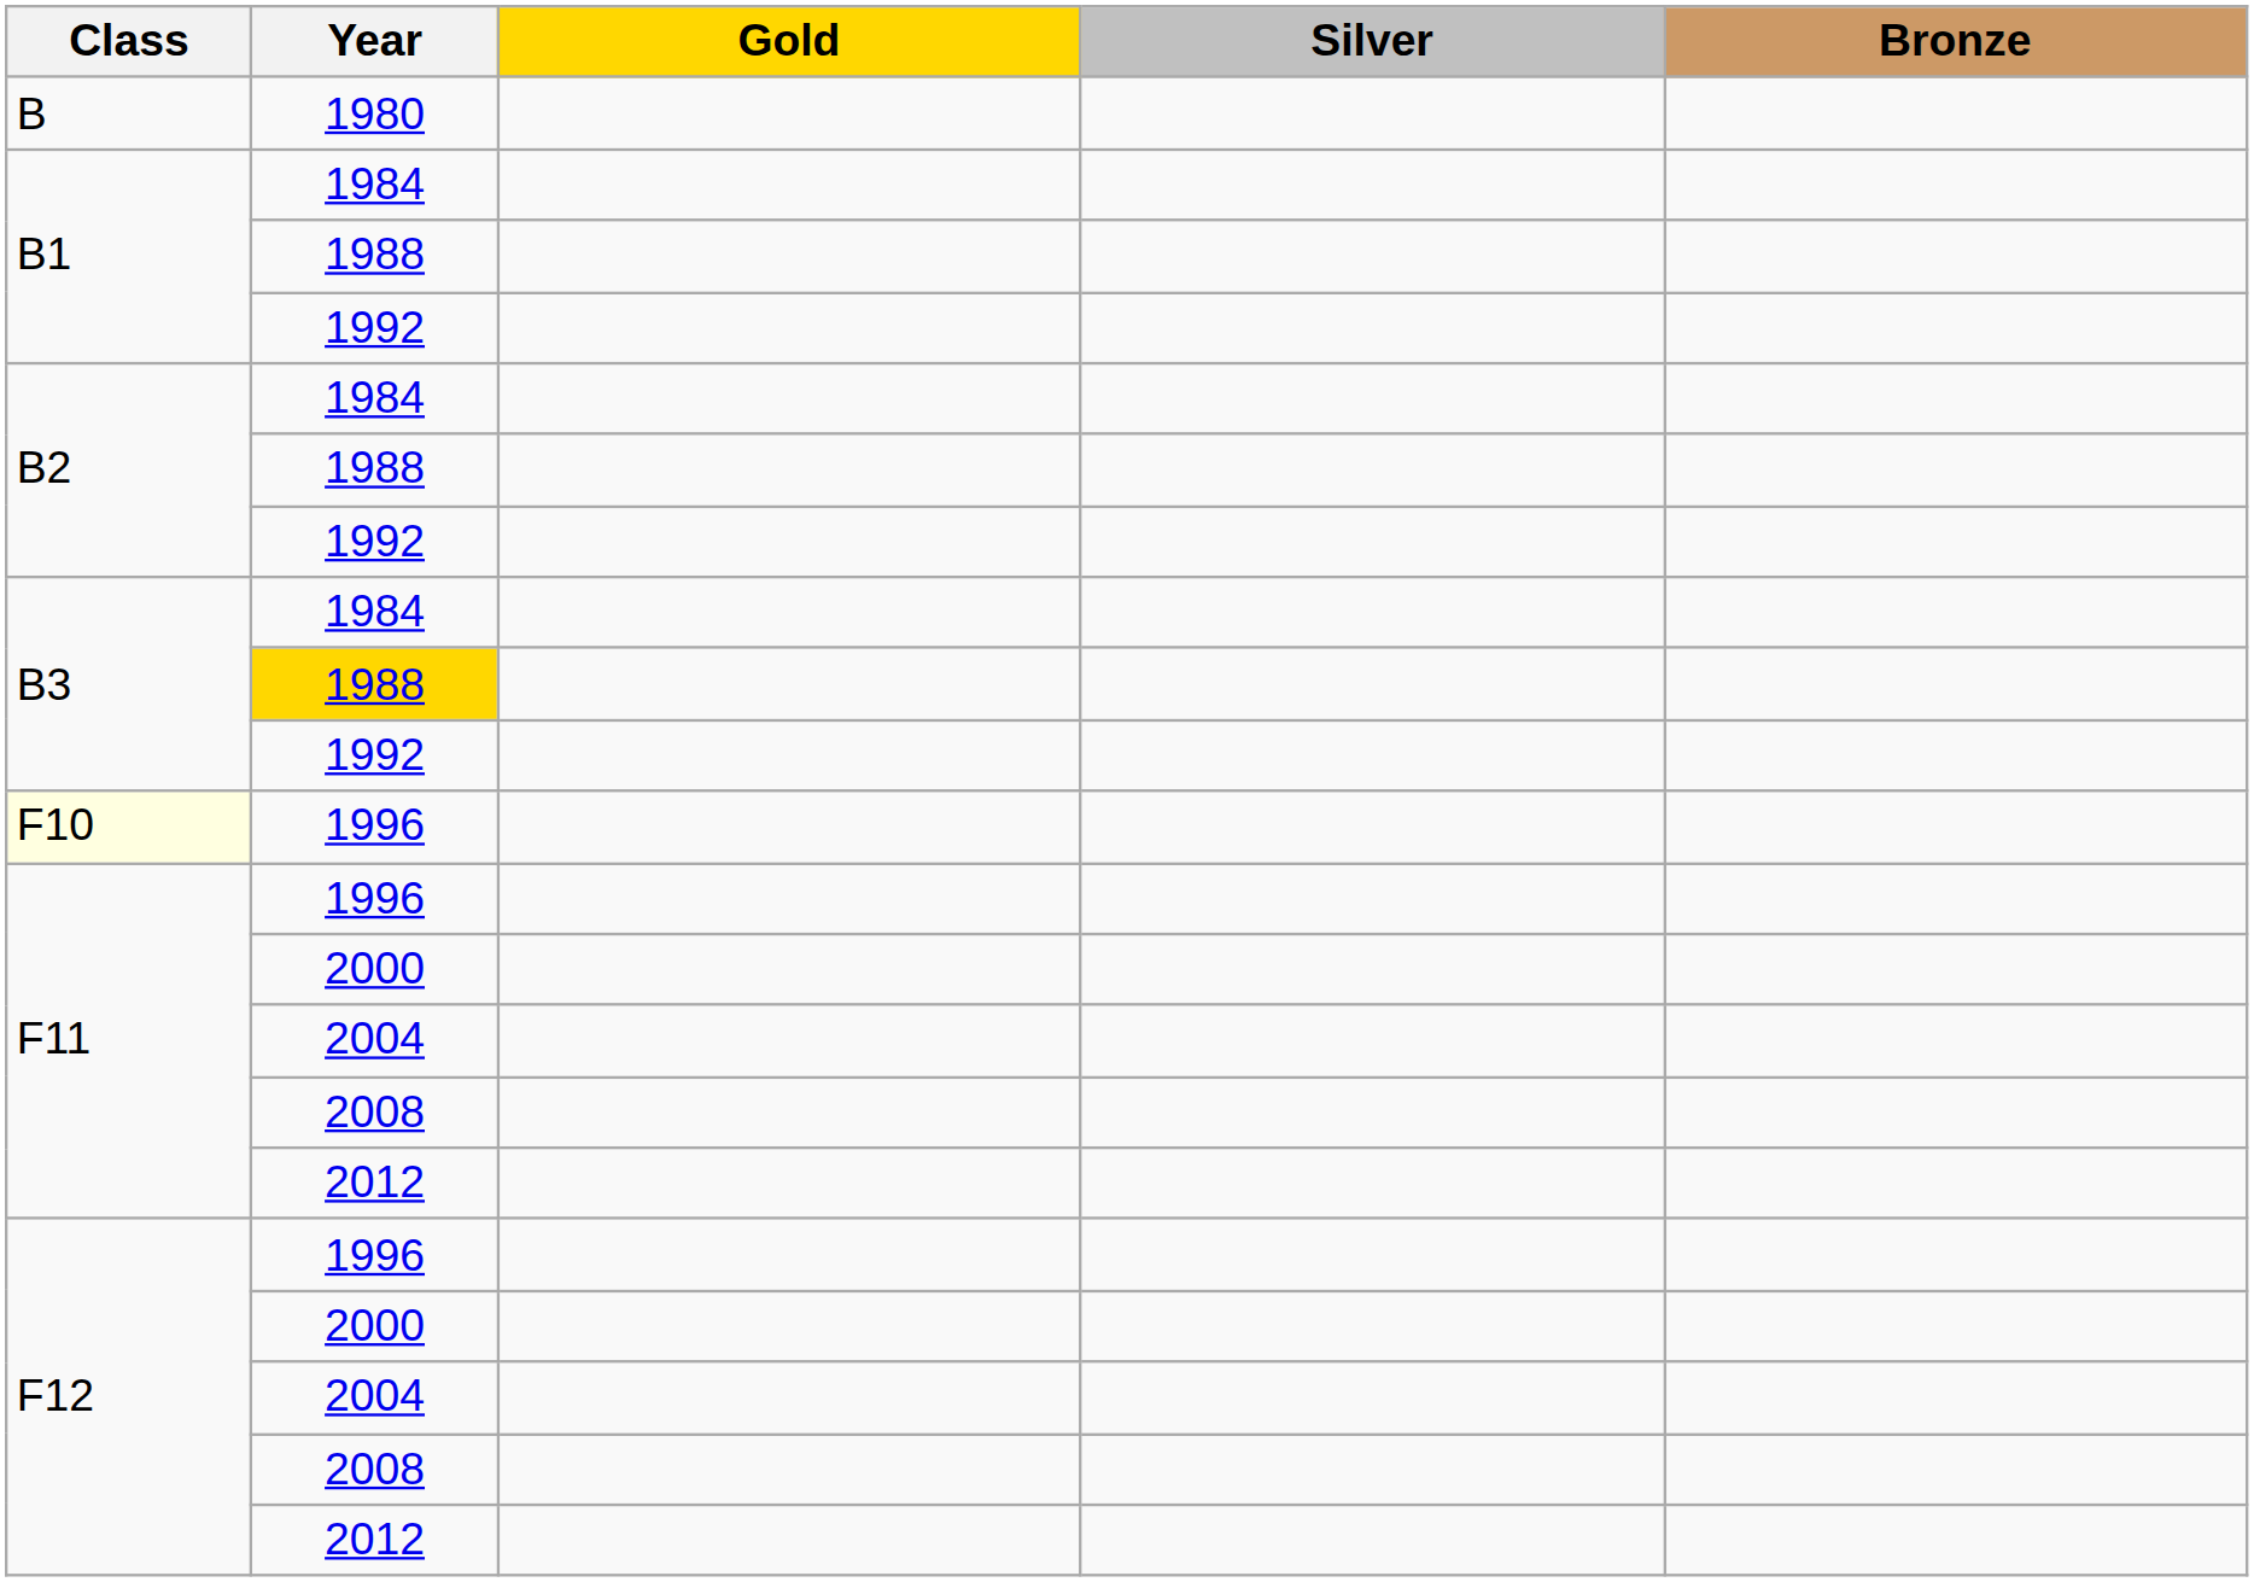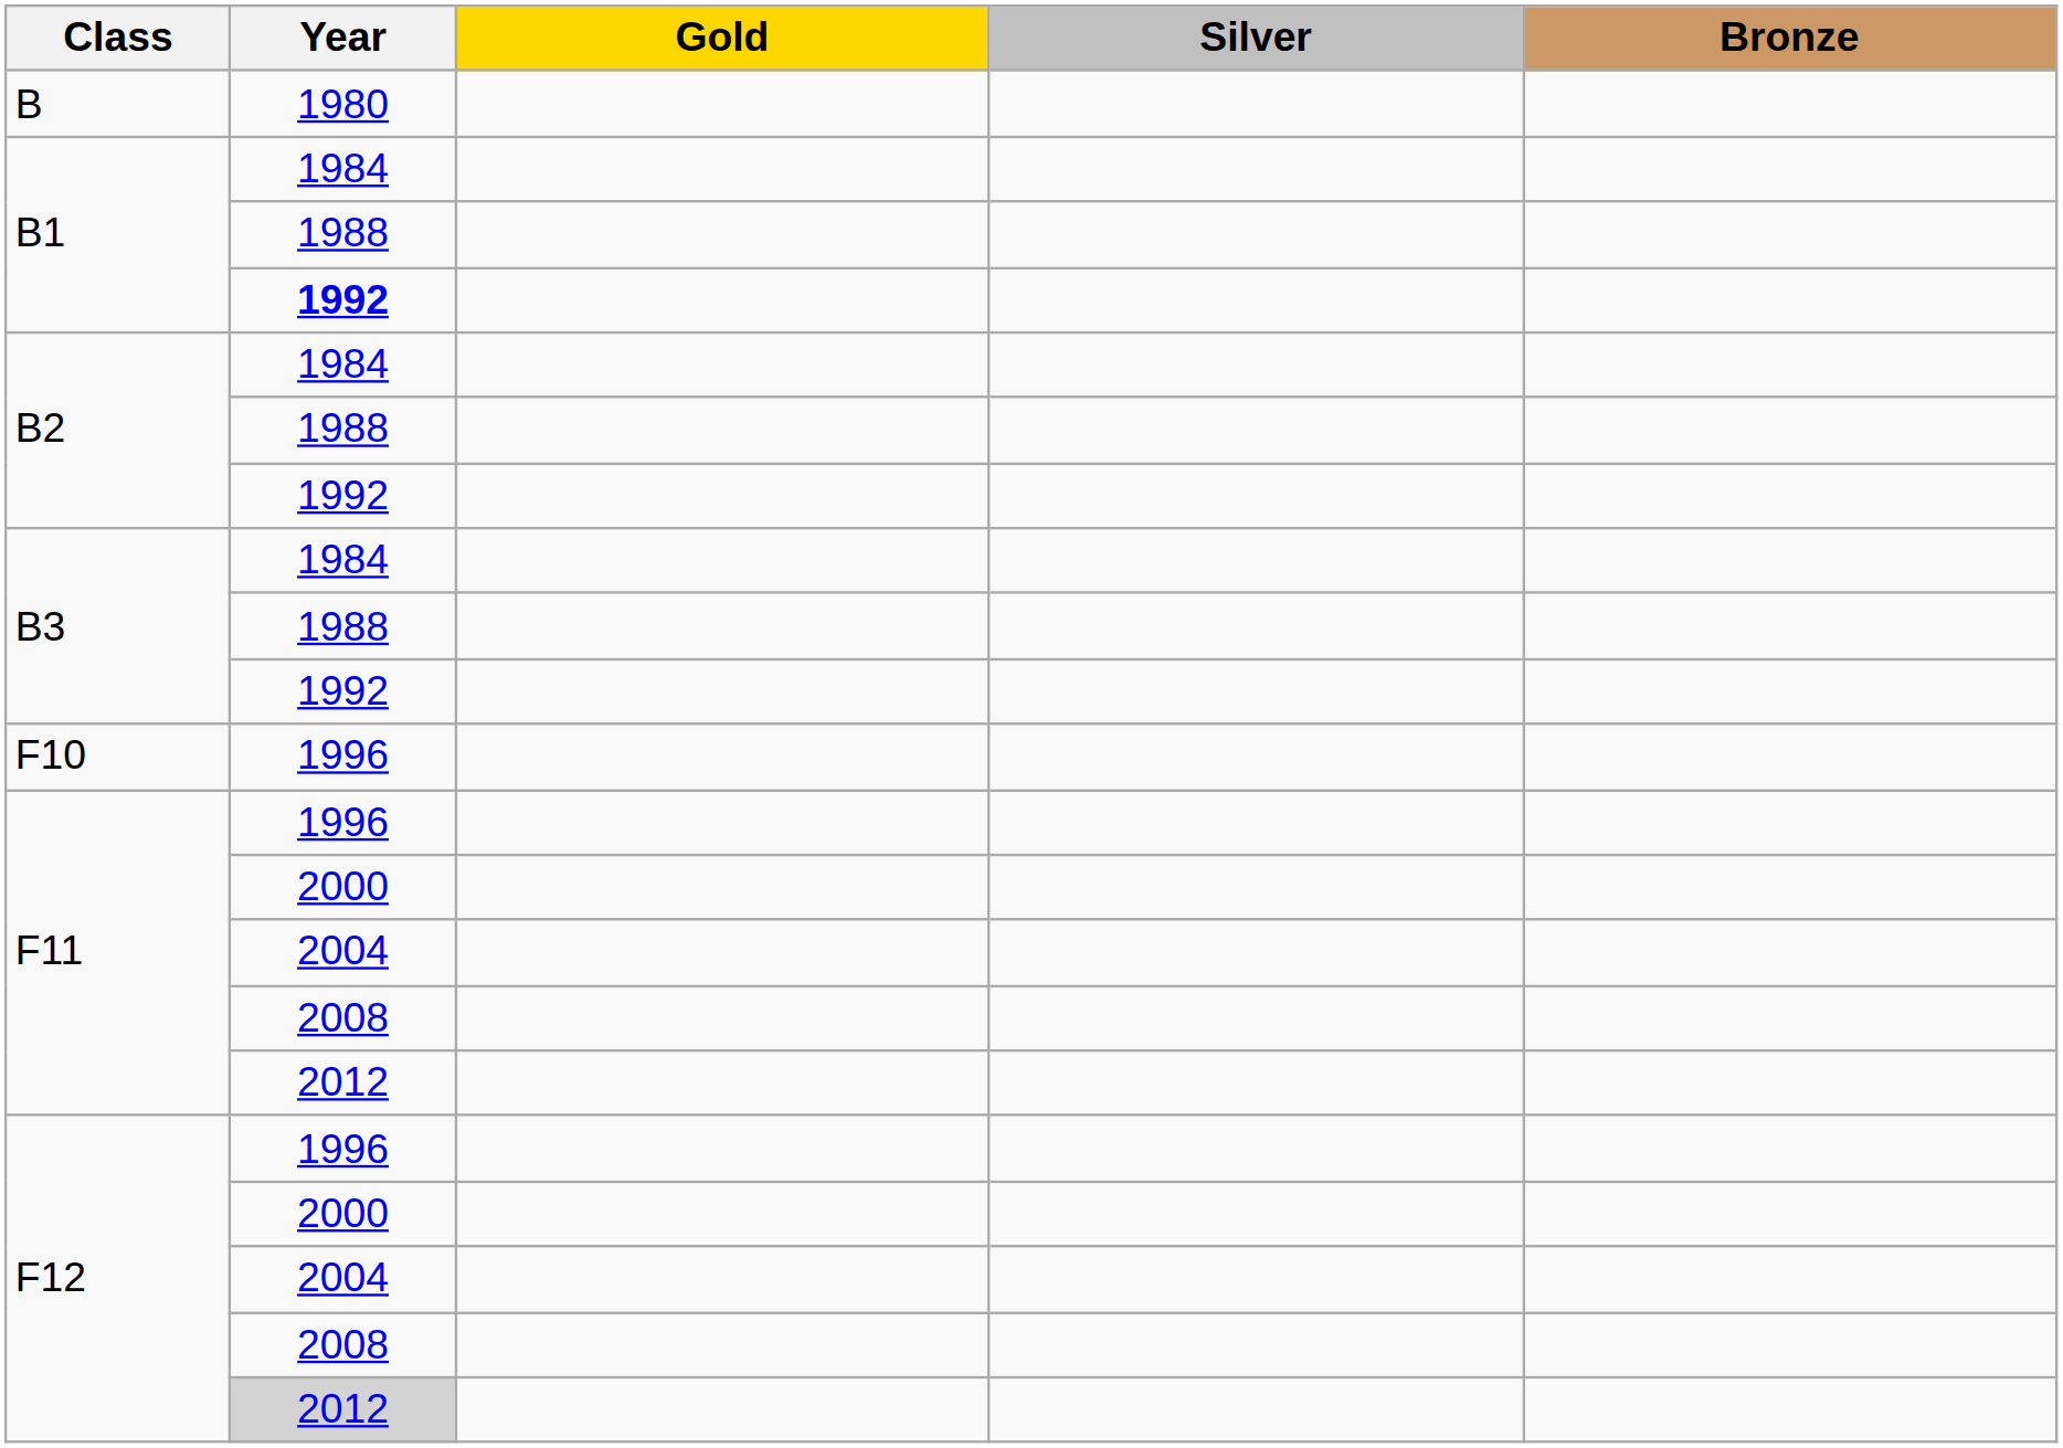 <table class="wikitable">
 <tr>
 <th width="80em">Class</th>
 <th width="80em">Year</th>
 <td width="200em" align=center bgcolor=gold><strong>Gold</strong></td>
 <td width="200em" align=center bgcolor=silver><strong>Silver</strong></td>
 <td width="200em" align=center bgcolor=cc9966><strong>Bronze</strong></td>
 </tr>
 <tr>
 <td>B</td>
 <td align=center><a href='#'>1980</a></td>
 <td></td>
 <td></td>
 <td></td>
 </tr>
 <tr>
 <td rowspan=3>B1</td>
 <td align=center><a href='#'>1984</a></td>
 <td></td>
 <td></td>
 <td></td>
 </tr>
 <tr>
 <td align=center><a href='#'>1988</a></td>
 <td></td>
 <td></td>
 <td></td>
 </tr>
 <tr>
-<td align=center><a href='#'>1992</a></td>
+<td align=center><strong><a href='#'>1992</a></strong></td>
 <td></td>
 <td></td>
 <td></td>
 </tr>
 <tr>
 <td rowspan=3>B2</td>
 <td align=center><a href='#'>1984</a></td>
 <td></td>
 <td></td>
 <td></td>
 </tr>
 <tr>
 <td align=center><a href='#'>1988</a></td>
 <td></td>
 <td></td>
 <td></td>
 </tr>
 <tr>
 <td align=center><a href='#'>1992</a></td>
 <td></td>
 <td></td>
 <td></td>
 </tr>
 <tr>
 <td rowspan=3>B3</td>
 <td align=center><a href='#'>1984</a></td>
 <td></td>
 <td></td>
 <td></td>
 </tr>
 <tr>
-<td align=center style="background: gold;"><a href='#'>1988</a></td>
+<td align=center><a href='#'>1988</a></td>
 <td></td>
 <td></td>
 <td></td>
 </tr>
 <tr>
 <td align=center><a href='#'>1992</a></td>
 <td></td>
 <td></td>
 <td></td>
 </tr>
 <tr>
-<td style="background: lightyellow;">F10</td>
+<td>F10</td>
 <td align=center><a href='#'>1996</a></td>
 <td></td>
 <td></td>
 <td></td>
 </tr>
 <tr>
 <td rowspan=5>F11</td>
 <td align=center><a href='#'>1996</a></td>
 <td></td>
 <td></td>
 <td></td>
 </tr>
 <tr>
 <td align=center><a href='#'>2000</a></td>
 <td></td>
 <td></td>
 <td></td>
 </tr>
 <tr>
 <td align=center><a href='#'>2004</a></td>
 <td></td>
 <td></td>
 <td></td>
 </tr>
 <tr>
 <td align=center><a href='#'>2008</a></td>
 <td></td>
 <td></td>
 <td></td>
 </tr>
 <tr>
 <td align=center><a href='#'>2012</a></td>
 <td></td>
 <td></td>
 <td></td>
 </tr>
 <tr>
 <td rowspan=5>F12</td>
 <td align=center><a href='#'>1996</a></td>
 <td></td>
 <td></td>
 <td></td>
 </tr>
 <tr>
 <td align=center><a href='#'>2000</a></td>
 <td></td>
 <td></td>
 <td></td>
 </tr>
 <tr>
 <td align=center><a href='#'>2004</a></td>
 <td></td>
 <td></td>
 <td></td>
 </tr>
 <tr>
 <td align=center><a href='#'>2008</a></td>
 <td></td>
 <td></td>
 <td></td>
 </tr>
 <tr>
-<td align=center><a href='#'>2012</a></td>
+<td align=center style="background: lightgrey;"><a href='#'>2012</a></td>
 <td></td>
 <td></td>
 <td></td>
 </tr>
 </table>
